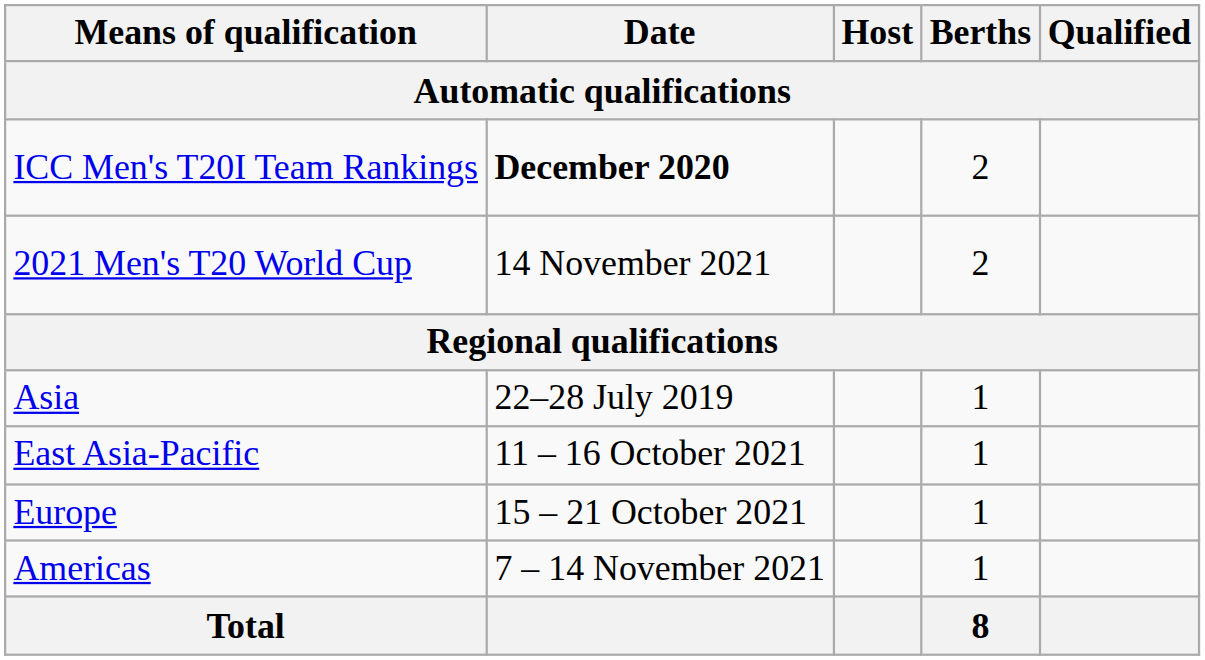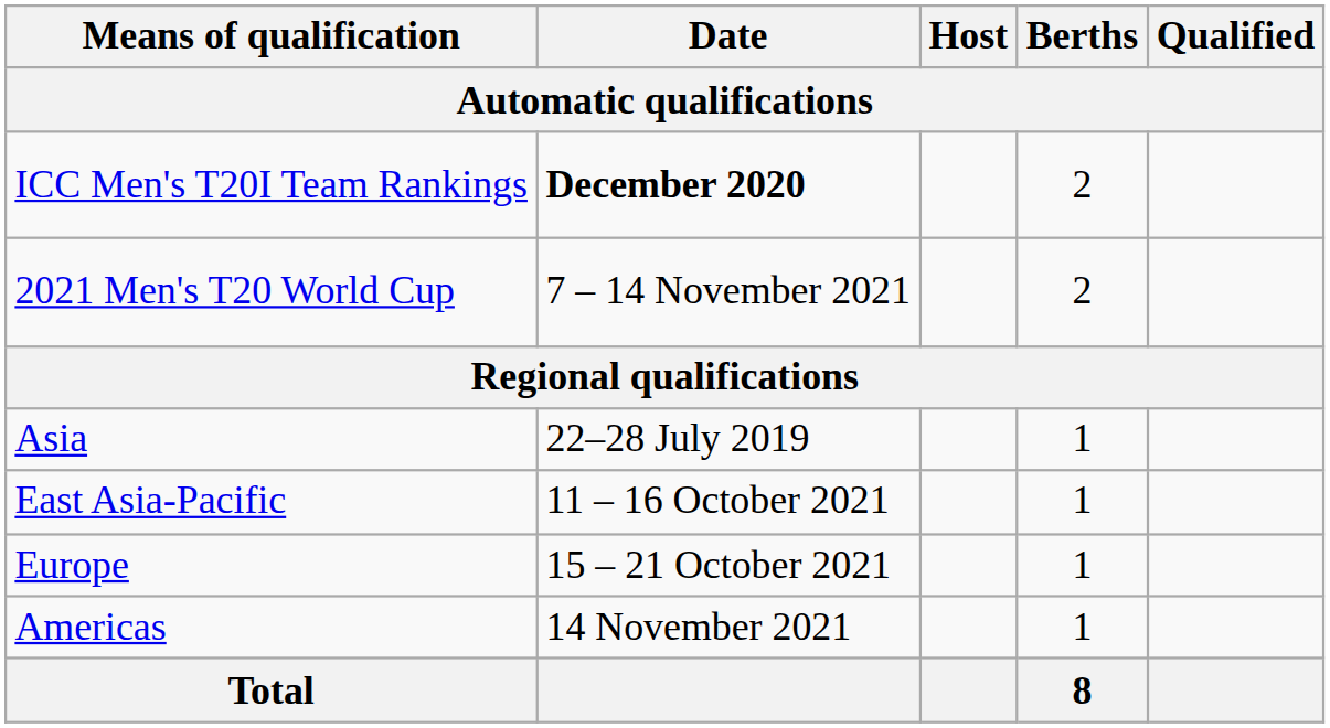 <table class="wikitable">
 <tr>
 <th>Means of qualification</th>
 <th>Date</th>
 <th>Host</th>
 <th>Berths</th>
 <th>Qualified</th>
 </tr>
 <tr>
 <th colspan="5">Automatic qualifications</th>
 </tr>
 <tr>
 <td><a href='#'>ICC Men's T20I Team Rankings</a></td>
 <td><strong>December 2020</strong></td>
 <td></td>
 <td style="text-align:center;">2</td>
 <td><br><br> </td>
 </tr>
 <tr>
 <td><a href='#'>2021 Men's T20 World Cup</a></td>
-<td>14 November 2021</td>
+<td>7 – 14 November 2021</td>
 <td><br></td>
 <td style="text-align:center;">2</td>
 <td><br><br> </td>
 </tr>
 <tr>
 <th colspan="5">Regional qualifications</th>
 </tr>
 <tr>
 <td><a href='#'>Asia</a></td>
 <td>22–28 July 2019</td>
 <td></td>
 <td style="text-align:center;">1</td>
 <td></td>
 </tr>
 <tr>
 <td><a href='#'>East Asia-Pacific</a></td>
 <td>11 – 16 October 2021</td>
 <td></td>
 <td style="text-align:center;">1</td>
 <td></td>
 </tr>
 <tr>
 <td><a href='#'>Europe</a></td>
 <td>15 – 21 October 2021</td>
 <td></td>
 <td style="text-align:center;">1</td>
 <td></td>
 </tr>
 <tr>
 <td><a href='#'>Americas</a></td>
-<td>7 – 14 November 2021</td>
+<td>14 November 2021</td>
 <td></td>
 <td style="text-align:center;">1</td>
 <td></td>
 </tr>
 <tr>
 <th>Total</th>
 <th></th>
 <th></th>
 <th>8</th>
 <th></th>
 </tr>
 </table>
